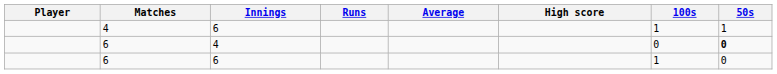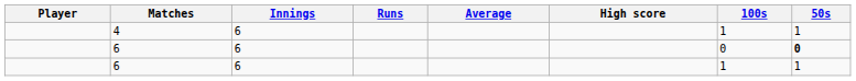 <table class="wikitable sortable" style="width:80%;">
 <tr>
 <th>Player</th>
 <th>Matches</th>
 <th><a href='#'>Innings</a></th>
 <th><a href='#'>Runs</a></th>
 <th><a href='#'>Average</a></th>
 <th>High score</th>
 <th><a href='#'>100s</a></th>
 <th><a href='#'>50s</a></th>
 </tr>
 <tr>
 <td></td>
 <td>4</td>
 <td>6</td>
 <td></td>
 <td></td>
 <td></td>
 <td>1</td>
 <td>1</td>
 </tr>
 <tr>
 <td></td>
 <td>6</td>
-<td>4</td>
+<td>6</td>
 <td></td>
 <td></td>
 <td></td>
 <td>0</td>
 <td><strong>0</strong></td>
 </tr>
 <tr>
 <td></td>
 <td>6</td>
 <td>6</td>
 <td></td>
 <td></td>
 <td></td>
 <td>1</td>
-<td>0</td>
+<td>1</td>
 </tr>
 </table>
